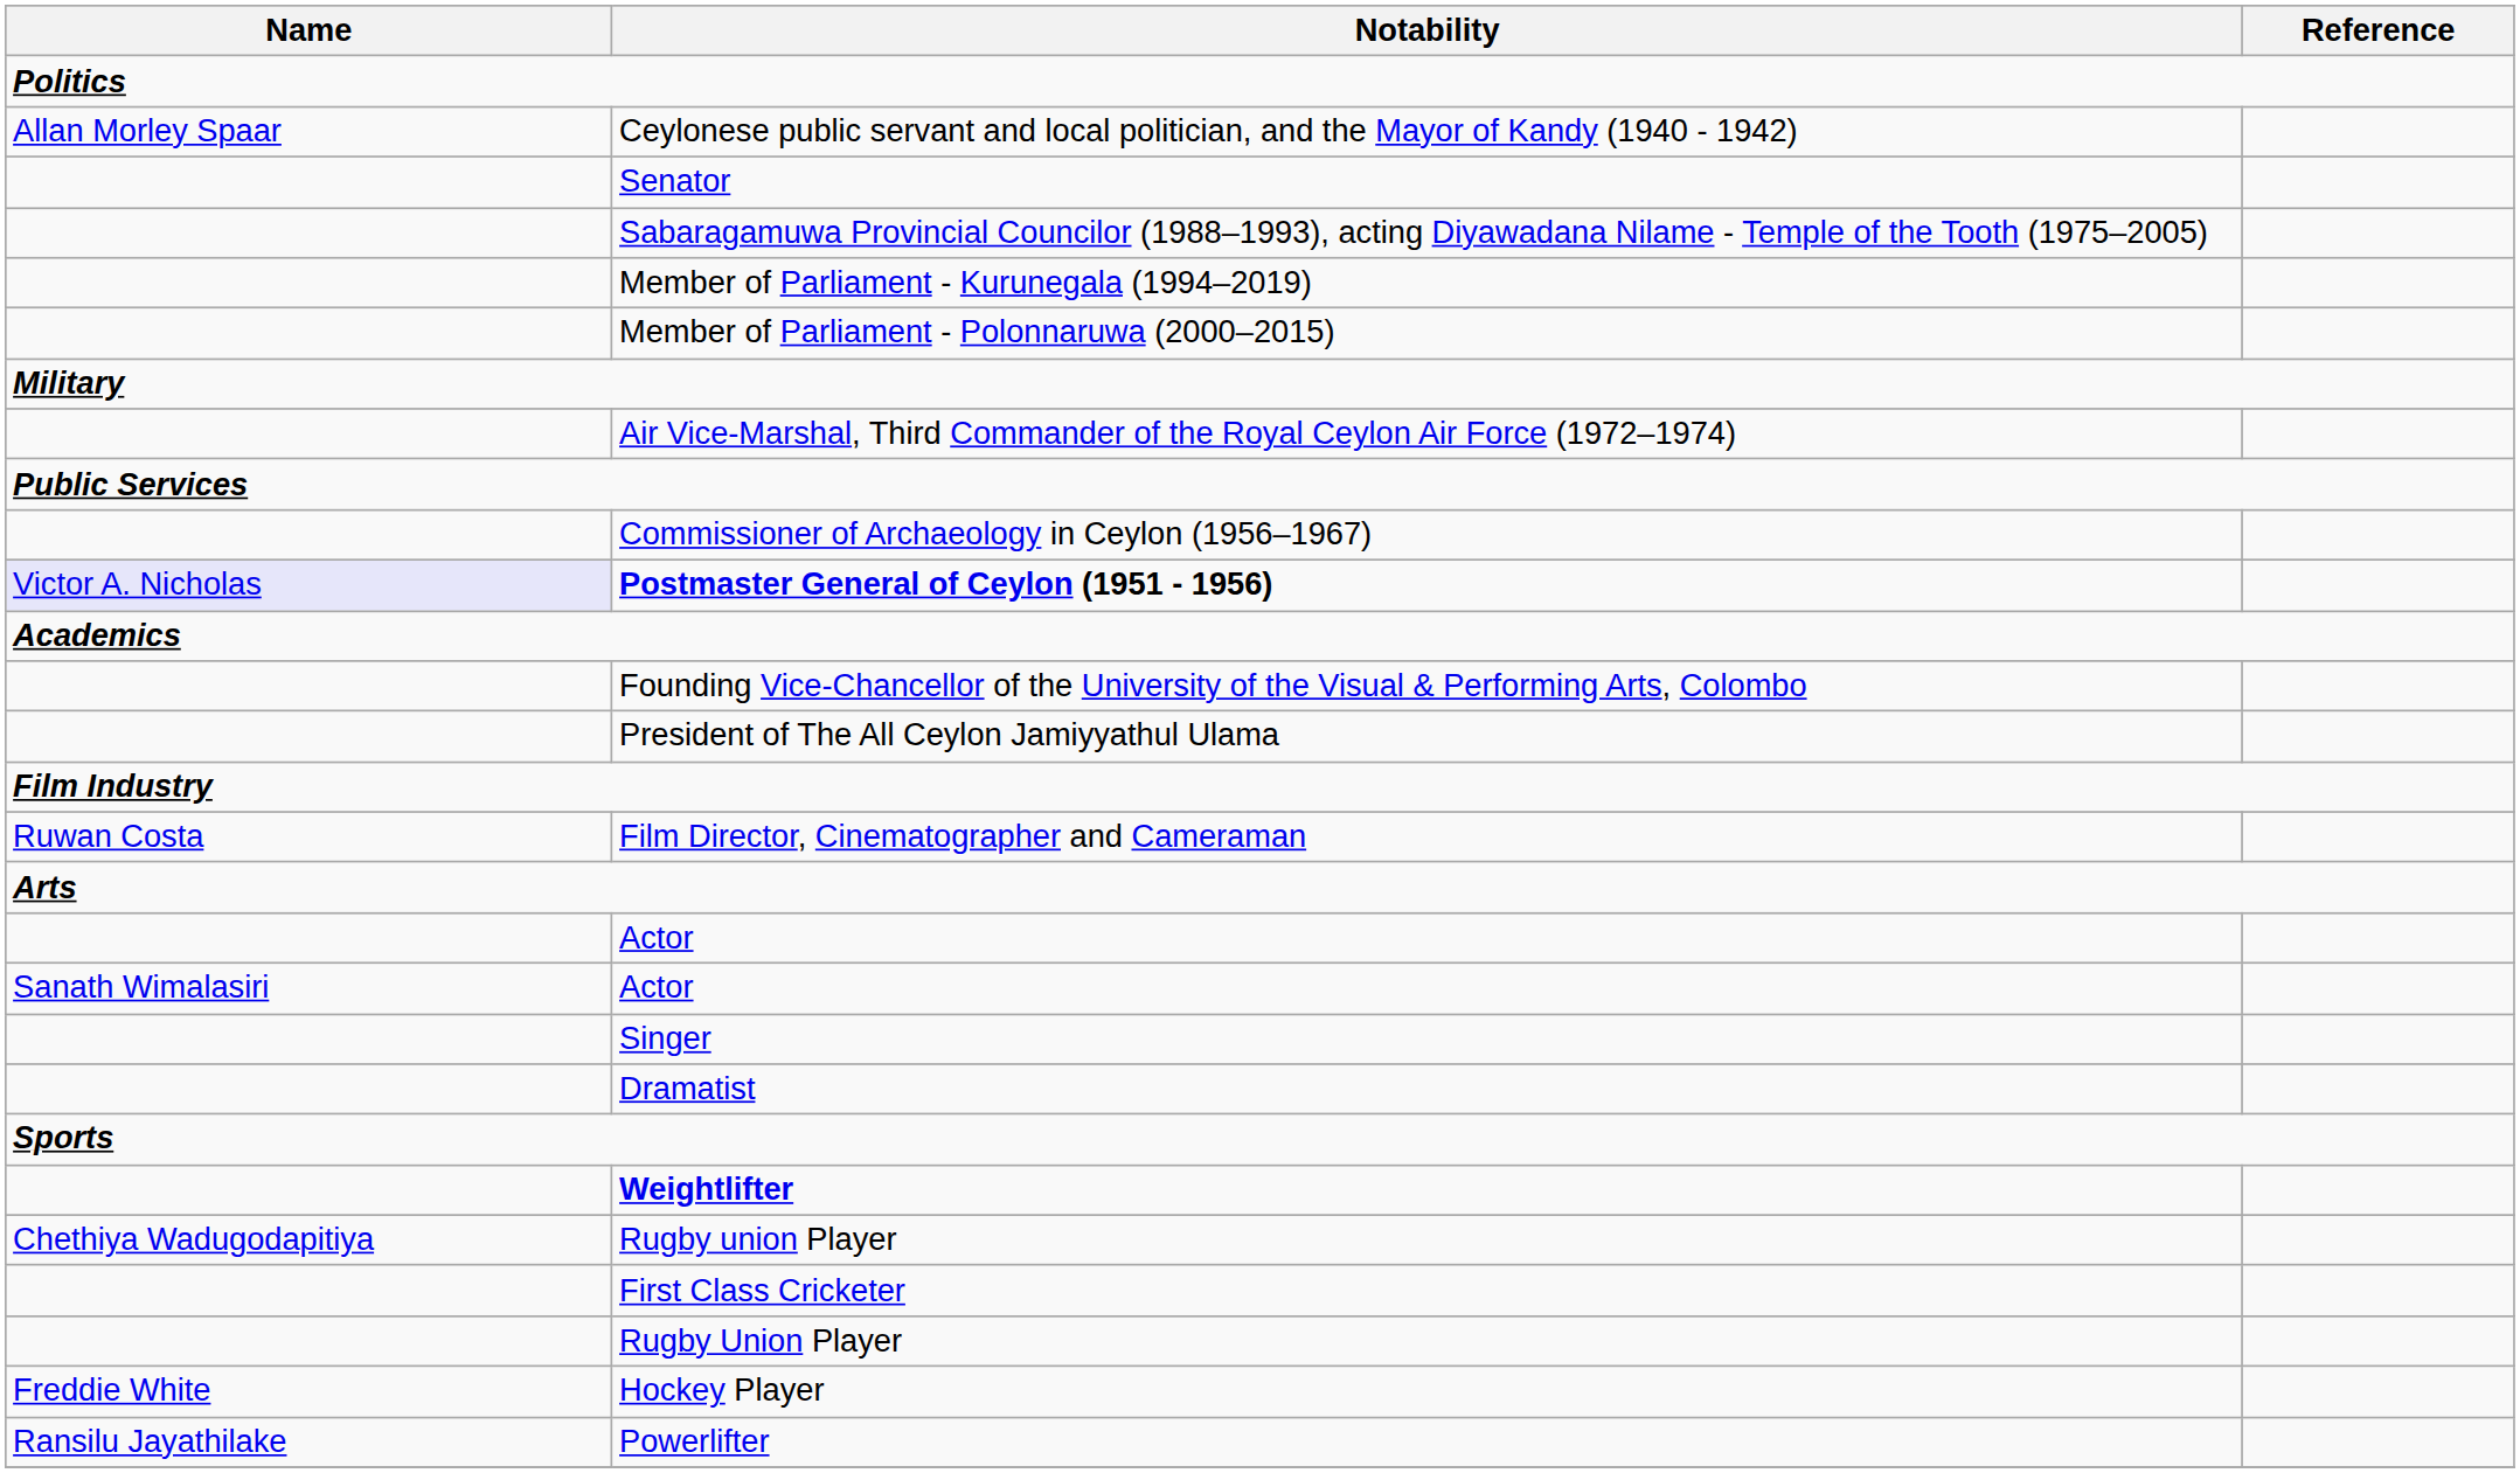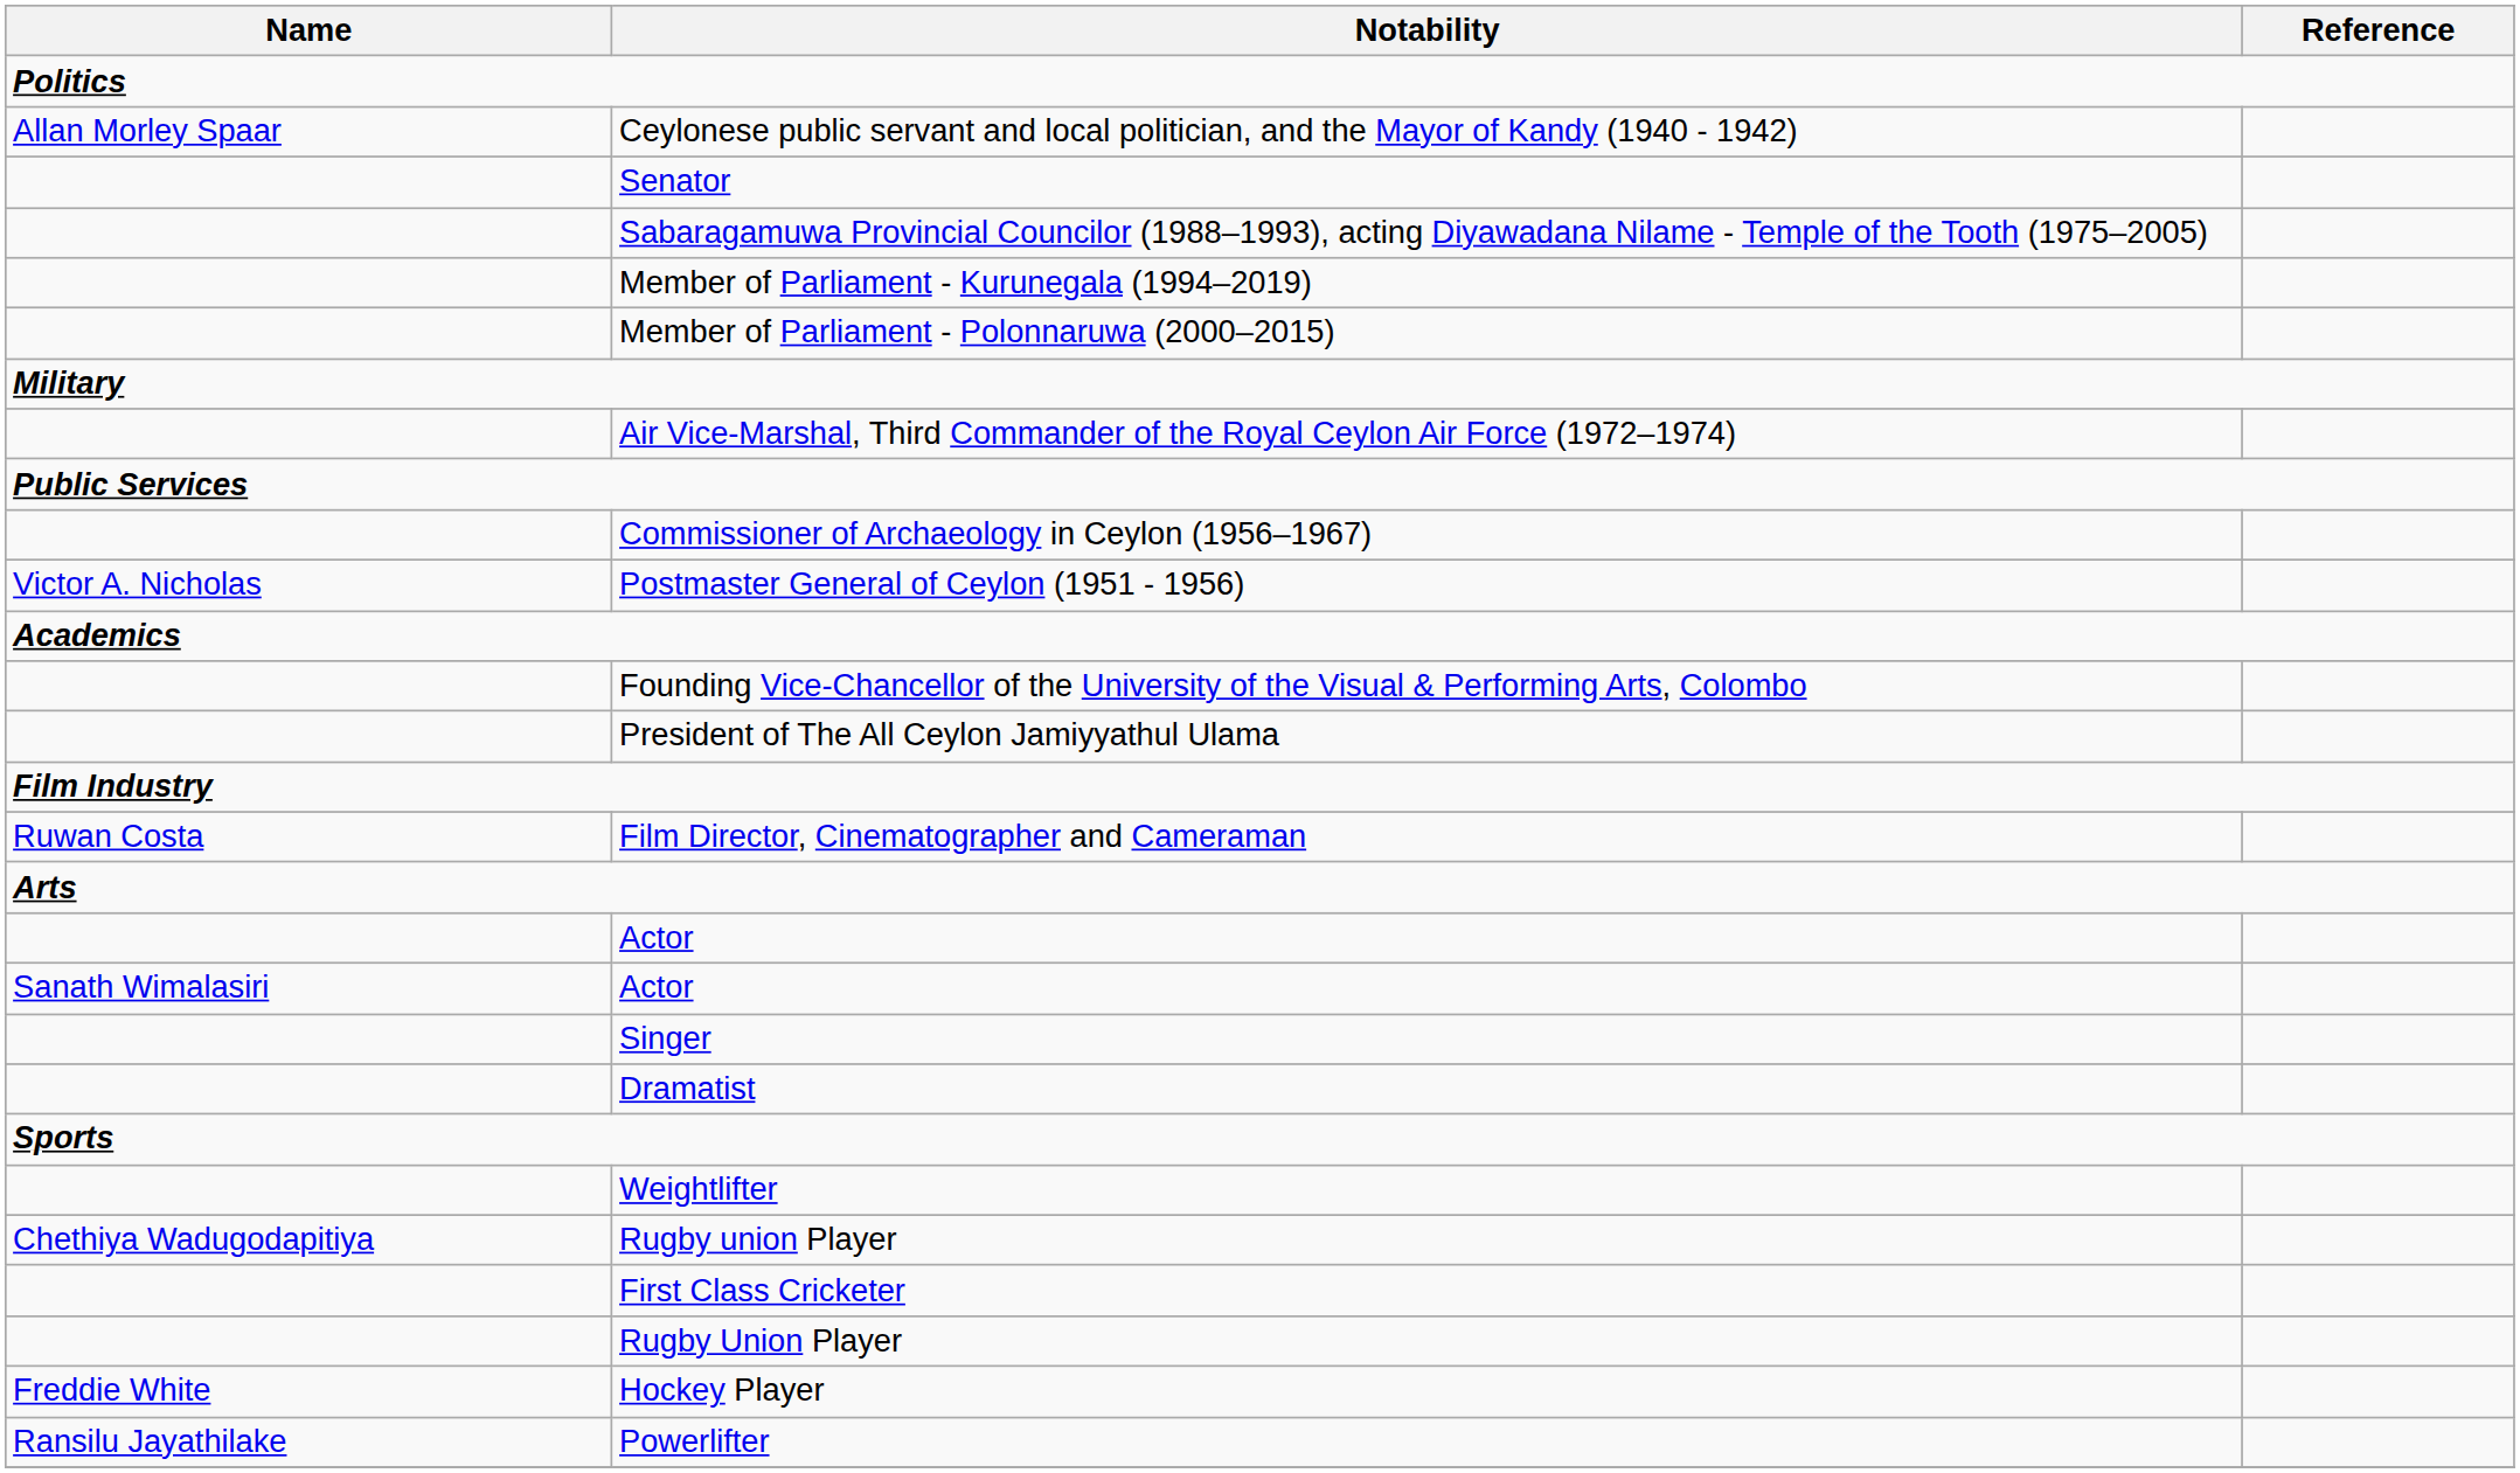 <table class="wikitable sortable" style="width:100%">
 <tr>
 <th style="width:*;">Name</th>
 <th style="width:65%;" class="unsortable">Notability</th>
 <th style="width:*;" class="unsortable">Reference</th>
 </tr>
 <tr>
 <td colspan="3"><strong><u><em>Politics</em></u></strong></td>
 </tr>
 <tr>
 <td><a href='#'>Allan Morley Spaar</a></td>
 <td>Ceylonese public servant and local politician, and the <a href='#'>Mayor of Kandy</a> (1940 - 1942)</td>
 <td></td>
 </tr>
 <tr>
 <td></td>
 <td><a href='#'>Senator</a></td>
 <td style="text-align:center;"></td>
 </tr>
 <tr>
 <td></td>
 <td><a href='#'>Sabaragamuwa Provincial Councilor</a> (1988–1993), acting <a href='#'>Diyawadana Nilame</a> - <a href='#'>Temple of the Tooth</a> (1975–2005)</td>
 <td style="text-align:center;"></td>
 </tr>
 <tr>
 <td></td>
 <td>Member of <a href='#'>Parliament</a> - <a href='#'>Kurunegala</a> (1994–2019)</td>
 <td style="text-align:center;"></td>
 </tr>
 <tr>
 <td></td>
 <td>Member of <a href='#'>Parliament</a> - <a href='#'>Polonnaruwa</a> (2000–2015)</td>
 <td style="text-align:center;"></td>
 </tr>
 <tr>
 <td colspan="3"><strong><u><em>Military</em></u></strong></td>
 </tr>
 <tr>
 <td></td>
 <td><a href='#'>Air Vice-Marshal</a>, Third <a href='#'>Commander of the Royal Ceylon Air Force</a> (1972–1974)</td>
 <td style="text-align:center;"></td>
 </tr>
 <tr>
 <td colspan="3"><strong><u><em>Public Services</em></u></strong></td>
 </tr>
 <tr>
 <td></td>
 <td><a href='#'>Commissioner of Archaeology</a> in Ceylon (1956–1967)</td>
 <td style="text-align:center;"></td>
 </tr>
 <tr>
-<td style="background: lavender;"><a href='#'>Victor A. Nicholas</a></td>
-<td><strong><a href='#'>Postmaster General of Ceylon</a> (1951 - 1956)</strong></td>
+<td><a href='#'>Victor A. Nicholas</a></td>
+<td><a href='#'>Postmaster General of Ceylon</a> (1951 - 1956)</td>
 <td align="center"></td>
 </tr>
 <tr>
 <td colspan="3"><strong><u><em>Academics</em></u></strong></td>
 </tr>
 <tr>
 <td></td>
 <td>Founding <a href='#'>Vice-Chancellor</a> of the <a href='#'>University of the Visual & Performing Arts</a>, <a href='#'>Colombo</a></td>
 <td style="text-align:center;"></td>
 </tr>
 <tr>
 <td></td>
 <td>President of The All Ceylon Jamiyyathul Ulama</td>
 <td style="text-align:center;"></td>
 </tr>
 <tr>
 <td colspan="3"><strong><em><u>Film Industry</u></em></strong></td>
 </tr>
 <tr>
 <td><a href='#'>Ruwan Costa</a></td>
 <td><a href='#'>Film Director</a>, <a href='#'>Cinematographer</a> and <a href='#'>Cameraman</a></td>
 <td align="center"></td>
 </tr>
 <tr>
 <td colspan="3"><strong><em><u>Arts</u></em></strong></td>
 </tr>
 <tr>
 <td></td>
 <td><a href='#'>Actor</a></td>
 <td style="text-align:center;"></td>
 </tr>
 <tr>
 <td><a href='#'>Sanath Wimalasiri</a></td>
 <td><a href='#'>Actor</a></td>
 <td style="text-align:center;"></td>
 </tr>
 <tr>
 <td></td>
 <td><a href='#'>Singer</a></td>
 <td style="text-align:center;"></td>
 </tr>
 <tr>
 <td></td>
 <td><a href='#'>Dramatist</a></td>
 <td style="text-align:center;"></td>
 </tr>
 <tr>
 <td colspan="3"><strong><em><u>Sports</u></em></strong></td>
 </tr>
 <tr>
 <td></td>
-<td><strong><a href='#'>Weightlifter</a></strong></td>
+<td><a href='#'>Weightlifter</a></td>
 <td style="text-align:center;"></td>
 </tr>
 <tr>
 <td><a href='#'>Chethiya Wadugodapitiya</a></td>
 <td><a href='#'>Rugby union</a> Player</td>
 <td align="center"></td>
 </tr>
 <tr>
 <td></td>
 <td><a href='#'>First Class Cricketer</a></td>
 <td style="text-align:center;"></td>
 </tr>
 <tr>
 <td></td>
 <td><a href='#'>Rugby Union</a> Player</td>
 <td style="text-align:center;"></td>
 </tr>
 <tr>
 <td><a href='#'>Freddie White</a></td>
 <td><a href='#'>Hockey</a> Player</td>
 <td style="text-align:center;"></td>
 </tr>
 <tr>
 <td><a href='#'>Ransilu Jayathilake</a></td>
 <td><a href='#'>Powerlifter</a></td>
 <td style="text-align:center;"></td>
 </tr>
 <tr>
 </tr>
 </table>
